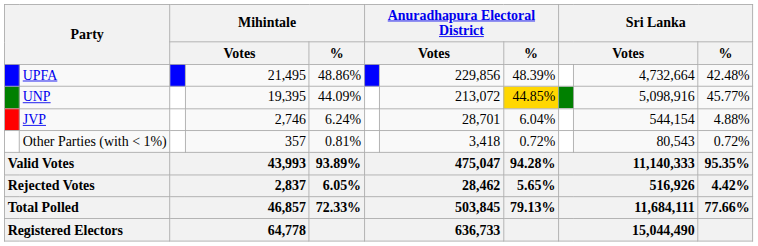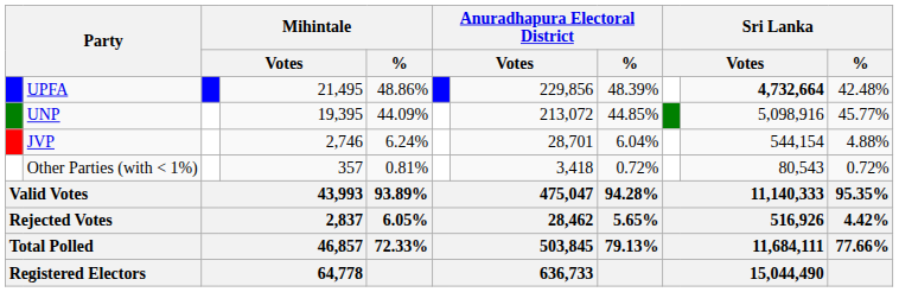 <table class="wikitable">
 <tr>
 <th colspan="2" width="144px"rowspan="2">Party</th>
 <th colspan="3" width="216px">Mihintale</th>
 <th colspan="3" width="216px"><a href='#'>Anuradhapura Electoral District</a></th>
 <th colspan="3" width="216px">Sri Lanka</th>
 </tr>
 <tr>
 <th colspan="2" width="144px">Votes</th>
 <th>%</th>
 <th colspan="2" width="144px">Votes</th>
 <th>%</th>
 <th colspan="2" width="144px">Votes</th>
 <th>%</th>
 </tr>
 <tr>
 <td style="background-color:blue;" width="10px"></td>
 <td style="text-align:left;"><a href='#'>UPFA</a></td>
 <td style="background-color:blue;" width="10px"></td>
 <td style="text-align:right;">21,495</td>
 <td style="text-align:right;">48.86%</td>
 <td style="background-color:blue;" width="10px"></td>
 <td style="text-align:right;">229,856</td>
 <td style="text-align:right;">48.39%</td>
 <td style="background-color:white;" width="10px"></td>
-<td style="text-align:right;">4,732,664</td>
+<td style="text-align:right;"><strong>4,732,664</strong></td>
 <td style="text-align:right;">42.48%</td>
 </tr>
 <tr>
 <td style="background-color:green;" width="10px"></td>
 <td style="text-align:left;"><a href='#'>UNP</a></td>
 <td style="background-color:white;" width="10px"></td>
 <td style="text-align:right;">19,395</td>
 <td style="text-align:right;">44.09%</td>
 <td style="background-color:white;" width="10px"></td>
 <td style="text-align:right;">213,072</td>
-<td style="background: gold; text-align:right;">44.85%</td>
+<td style="text-align:right;">44.85%</td>
 <td style="background-color:green;" width="10px"></td>
 <td style="text-align:right;">5,098,916</td>
 <td style="text-align:right;">45.77%</td>
 </tr>
 <tr>
 <td style="background-color:red;" width="10px"></td>
 <td style="text-align:left;"><a href='#'>JVP</a></td>
 <td style="background-color:white;" width="10px"></td>
 <td style="text-align:right;">2,746</td>
 <td style="text-align:right;">6.24%</td>
 <td style="background-color:white;" width="10px"></td>
 <td style="text-align:right;">28,701</td>
 <td style="text-align:right;">6.04%</td>
 <td style="background-color:white;" width="10px"></td>
 <td style="text-align:right;">544,154</td>
 <td style="text-align:right;">4.88%</td>
 </tr>
 <tr>
 <td style="background-color:white;" width="10px"></td>
 <td style="text-align:left;">Other Parties (with < 1%)</td>
 <td style="background-color:white;" width="10px"></td>
 <td style="text-align:right;">357</td>
 <td style="text-align:right;">0.81%</td>
 <td style="background-color:white;" width="10px"></td>
 <td style="text-align:right;">3,418</td>
 <td style="text-align:right;">0.72%</td>
 <td style="background-color:white;" width="10px"></td>
 <td style="text-align:right;">80,543</td>
 <td style="text-align:right;">0.72%</td>
 </tr>
 <tr>
 <th colspan="2" width="144px"style="text-align:left;">Valid Votes</th>
 <th style="text-align:right;"colspan="2" width="144px">43,993</th>
 <th style="text-align:right;">93.89%</th>
 <th style="text-align:right;"colspan="2" width="144px">475,047</th>
 <th style="text-align:right;">94.28%</th>
 <th style="text-align:right;"colspan="2" width="144px">11,140,333</th>
 <th style="text-align:right;">95.35%</th>
 </tr>
 <tr>
 <th colspan="2" width="144px"style="text-align:left;">Rejected Votes</th>
 <th style="text-align:right;"colspan="2" width="144px">2,837</th>
 <th style="text-align:right;">6.05%</th>
 <th style="text-align:right;"colspan="2" width="144px">28,462</th>
 <th style="text-align:right;">5.65%</th>
 <th style="text-align:right;"colspan="2" width="144px">516,926</th>
 <th style="text-align:right;">4.42%</th>
 </tr>
 <tr>
 <th colspan="2" width="144px"style="text-align:left;">Total Polled</th>
 <th style="text-align:right;"colspan="2" width="144px">46,857</th>
 <th style="text-align:right;">72.33%</th>
 <th style="text-align:right;"colspan="2" width="144px">503,845</th>
 <th style="text-align:right;">79.13%</th>
 <th style="text-align:right;"colspan="2" width="144px">11,684,111</th>
 <th style="text-align:right;">77.66%</th>
 </tr>
 <tr>
 <th colspan="2" width="144px"style="text-align:left;">Registered Electors</th>
 <th style="text-align:right;"colspan="2" width="144px">64,778</th>
 <th></th>
 <th style="text-align:right;"colspan="2" width="144px">636,733</th>
 <th></th>
 <th style="text-align:right;"colspan="2" width="144px">15,044,490</th>
 <th></th>
 </tr>
 </table>
